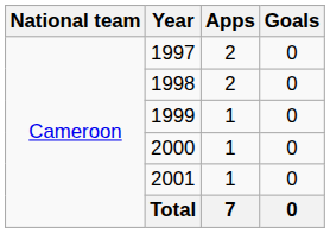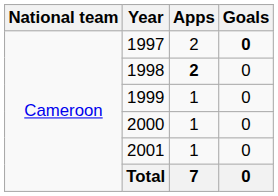 <table class="wikitable" style="text-align:center">
 <tr>
 <th>National team</th>
 <th>Year</th>
 <th>Apps</th>
 <th>Goals</th>
 </tr>
 <tr>
 <td rowspan="6"><a href='#'>Cameroon</a></td>
 <td>1997</td>
 <td>2</td>
-<td>0</td>
+<td><strong>0</strong></td>
 </tr>
 <tr>
 <td>1998</td>
-<td>2</td>
+<td><strong>2</strong></td>
 <td>0</td>
 </tr>
 <tr>
 <td>1999</td>
 <td>1</td>
 <td>0</td>
 </tr>
 <tr>
 <td>2000</td>
 <td>1</td>
 <td>0</td>
 </tr>
 <tr>
 <td>2001</td>
 <td>1</td>
 <td>0</td>
 </tr>
 <tr>
 <th>Total</th>
 <th>7</th>
 <th>0</th>
 </tr>
 </table>
